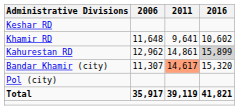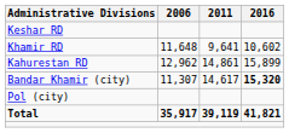 <table class="wikitable">
 <tr>
 <th>Administrative Divisions</th>
 <th>2006</th>
 <th>2011</th>
 <th>2016</th>
 </tr>
 <tr>
 <td><a href='#'>Keshar RD</a></td>
 <td style="text-align: right;"></td>
 <td style="text-align: right;"></td>
 <td style="text-align: right;"></td>
 </tr>
 <tr>
 <td><a href='#'>Khamir RD</a></td>
 <td style="text-align: right;">11,648</td>
 <td style="text-align: right;">9,641</td>
 <td style="text-align: right;">10,602</td>
 </tr>
 <tr>
 <td><a href='#'>Kahurestan RD</a></td>
 <td style="text-align: right;">12,962</td>
 <td style="text-align: right;">14,861</td>
-<td style="background: lightgrey; text-align: right;">15,899</td>
+<td style="text-align: right;">15,899</td>
 </tr>
 <tr>
 <td><a href='#'>Bandar Khamir</a> (city)</td>
 <td style="text-align: right;">11,307</td>
-<td style="background: lightsalmon; text-align: right;">14,617</td>
-<td style="text-align: right;">15,320</td>
+<td style="text-align: right;">14,617</td>
+<td style="text-align: right;"><strong>15,320</strong></td>
 </tr>
 <tr>
 <td><a href='#'>Pol</a> (city)</td>
 <td style="text-align: right;"></td>
 <td style="text-align: right;"></td>
 <td style="text-align: right;"></td>
 </tr>
 <tr>
 <td><strong>Total</strong></td>
 <td style="text-align: right;"><strong>35,917</strong></td>
 <td style="text-align: right;"><strong>39,119</strong></td>
 <td style="text-align: right;"><strong>41,821</strong></td>
 </tr>
 <tr>
 <td colspan=4></td>
 </tr>
 </table>
